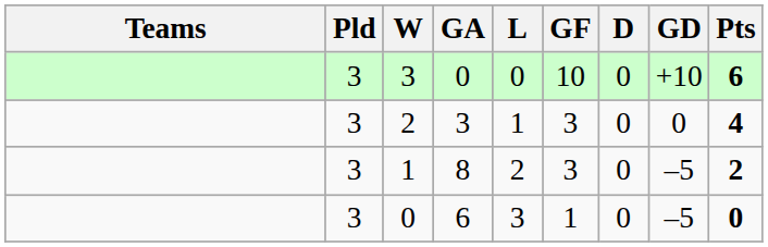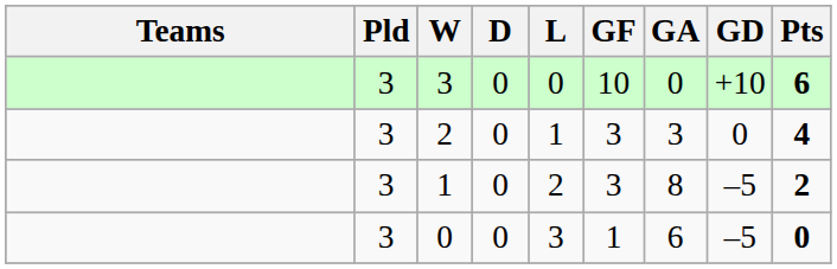 <table class="wikitable" style="text-align: center;">
 <tr>
 <th width=165>Teams</th>
 <th width=20>Pld</th>
 <th width=20>W</th>
-<th width=20>GA</th>
+<th width=20>D</th>
 <th width=20>L</th>
 <th width=20>GF</th>
-<th width=20>D</th>
+<th width=20>GA</th>
 <th width=20>GD</th>
 <th width=20>Pts</th>
 </tr>
 <tr align=center style="background:#ccffcc;">
 <td style="text-align:left;"></td>
 <td>3</td>
 <td>3</td>
 <td>0</td>
 <td>0</td>
 <td>10</td>
 <td>0</td>
 <td>+10</td>
 <td><strong>6</strong></td>
 </tr>
 <tr align=center>
 <td style="text-align:left;"></td>
 <td>3</td>
 <td>2</td>
-<td>3</td>
+<td>0</td>
 <td>1</td>
 <td>3</td>
-<td>0</td>
+<td>3</td>
 <td>0</td>
 <td><strong>4</strong></td>
 </tr>
 <tr align=center>
 <td style="text-align:left;"></td>
 <td>3</td>
 <td>1</td>
-<td>8</td>
+<td>0</td>
 <td>2</td>
 <td>3</td>
-<td>0</td>
+<td>8</td>
 <td>–5</td>
 <td><strong>2</strong></td>
 </tr>
 <tr align=center>
 <td style="text-align:left;"></td>
 <td>3</td>
 <td>0</td>
-<td>6</td>
+<td>0</td>
 <td>3</td>
 <td>1</td>
-<td>0</td>
+<td>6</td>
 <td>–5</td>
 <td><strong>0</strong></td>
 </tr>
 </table>
